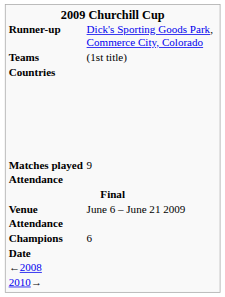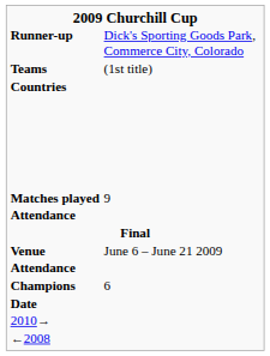 <table class="infobox" width="280" cellspacing="0" style="font-size: 90%;">
 <tr>
 <th colspan="2" style="font-size: medium;" style="text-align: center;">2009 Churchill Cup</th>
 </tr>
 <tr>
 <td><strong>Runner-up</strong></td>
 <td><a href='#'>Dick's Sporting Goods Park</a>,<br> <a href='#'>Commerce City, Colorado</a></td>
 </tr>
 <tr>
 <td><strong>Teams</strong></td>
 <td> (1st title)</td>
 </tr>
 <tr>
 <td><strong>Countries</strong></td>
 <td><br><br><br> <br> <br> <br> <br></td>
 </tr>
 <tr>
 <td><strong>Matches played</strong></td>
 <td>9</td>
 </tr>
 <tr>
 <td><strong>Attendance</strong></td>
 <td></td>
 </tr>
 <tr>
 <td colspan=2 style="text-align: center;"><strong>Final</strong></td>
 </tr>
 <tr>
 <td><strong>Venue</strong></td>
 <td>June 6 – June 21 2009</td>
 </tr>
 <tr>
 <td><strong>Attendance</strong></td>
 <td></td>
 </tr>
 <tr>
 <td><strong>Champions</strong></td>
 <td>6</td>
 </tr>
 <tr>
 <td><strong>Date</strong></td>
 <td></td>
 </tr>
 <tr>
+<td><a href='#'>2010</a>→</td>
+</tr>
+<tr>
 <td>←<a href='#'>2008</a></td>
 </tr>
-<tr>
-<td><a href='#'>2010</a>→</td>
-</tr>
 </table>
